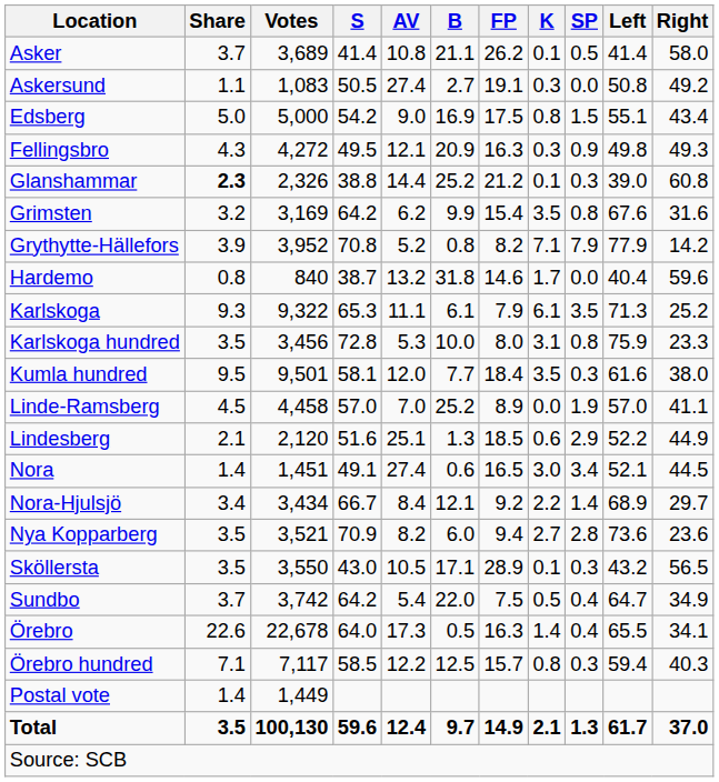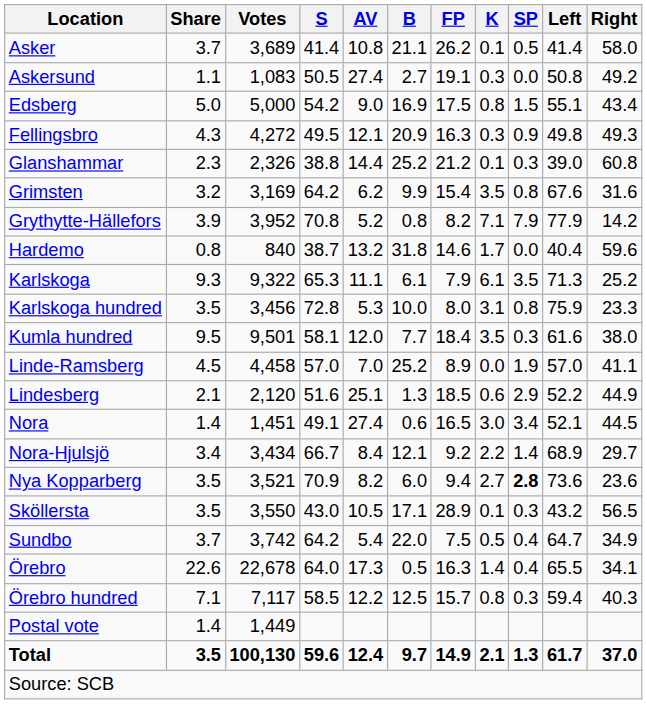 <table class="wikitable sortable" style=text-align:right>
 <tr>
 <th>Location</th>
 <th>Share</th>
 <th>Votes</th>
 <th><a href='#'>S</a></th>
 <th><a href='#'>AV</a></th>
 <th><a href='#'>B</a></th>
 <th><a href='#'>FP</a></th>
 <th><a href='#'>K</a></th>
 <th><a href='#'>SP</a></th>
 <th>Left</th>
 <th>Right</th>
 </tr>
 <tr>
 <td align=left><a href='#'>Asker</a></td>
 <td>3.7</td>
 <td>3,689</td>
 <td>41.4</td>
 <td>10.8</td>
 <td>21.1</td>
 <td>26.2</td>
 <td>0.1</td>
 <td>0.5</td>
 <td>41.4</td>
 <td>58.0</td>
 </tr>
 <tr>
 <td align=left><a href='#'>Askersund</a></td>
 <td>1.1</td>
 <td>1,083</td>
 <td>50.5</td>
 <td>27.4</td>
 <td>2.7</td>
 <td>19.1</td>
 <td>0.3</td>
 <td>0.0</td>
 <td>50.8</td>
 <td>49.2</td>
 </tr>
 <tr>
 <td align=left><a href='#'>Edsberg</a></td>
 <td>5.0</td>
 <td>5,000</td>
 <td>54.2</td>
 <td>9.0</td>
 <td>16.9</td>
 <td>17.5</td>
 <td>0.8</td>
 <td>1.5</td>
 <td>55.1</td>
 <td>43.4</td>
 </tr>
 <tr>
 <td align=left><a href='#'>Fellingsbro</a></td>
 <td>4.3</td>
 <td>4,272</td>
 <td>49.5</td>
 <td>12.1</td>
 <td>20.9</td>
 <td>16.3</td>
 <td>0.3</td>
 <td>0.9</td>
 <td>49.8</td>
 <td>49.3</td>
 </tr>
 <tr>
 <td align=left><a href='#'>Glanshammar</a></td>
-<td><strong>2.3</strong></td>
+<td>2.3</td>
 <td>2,326</td>
 <td>38.8</td>
 <td>14.4</td>
 <td>25.2</td>
 <td>21.2</td>
 <td>0.1</td>
 <td>0.3</td>
 <td>39.0</td>
 <td>60.8</td>
 </tr>
 <tr>
 <td align=left><a href='#'>Grimsten</a></td>
 <td>3.2</td>
 <td>3,169</td>
 <td>64.2</td>
 <td>6.2</td>
 <td>9.9</td>
 <td>15.4</td>
 <td>3.5</td>
 <td>0.8</td>
 <td>67.6</td>
 <td>31.6</td>
 </tr>
 <tr>
 <td align=left><a href='#'>Grythytte-Hällefors</a></td>
 <td>3.9</td>
 <td>3,952</td>
 <td>70.8</td>
 <td>5.2</td>
 <td>0.8</td>
 <td>8.2</td>
 <td>7.1</td>
 <td>7.9</td>
 <td>77.9</td>
 <td>14.2</td>
 </tr>
 <tr>
 <td align=left><a href='#'>Hardemo</a></td>
 <td>0.8</td>
 <td>840</td>
 <td>38.7</td>
 <td>13.2</td>
 <td>31.8</td>
 <td>14.6</td>
 <td>1.7</td>
 <td>0.0</td>
 <td>40.4</td>
 <td>59.6</td>
 </tr>
 <tr>
 <td align=left><a href='#'>Karlskoga</a></td>
 <td>9.3</td>
 <td>9,322</td>
 <td>65.3</td>
 <td>11.1</td>
 <td>6.1</td>
 <td>7.9</td>
 <td>6.1</td>
 <td>3.5</td>
 <td>71.3</td>
 <td>25.2</td>
 </tr>
 <tr>
 <td align=left><a href='#'>Karlskoga hundred</a></td>
 <td>3.5</td>
 <td>3,456</td>
 <td>72.8</td>
 <td>5.3</td>
 <td>10.0</td>
 <td>8.0</td>
 <td>3.1</td>
 <td>0.8</td>
 <td>75.9</td>
 <td>23.3</td>
 </tr>
 <tr>
 <td align=left><a href='#'>Kumla hundred</a></td>
 <td>9.5</td>
 <td>9,501</td>
 <td>58.1</td>
 <td>12.0</td>
 <td>7.7</td>
 <td>18.4</td>
 <td>3.5</td>
 <td>0.3</td>
 <td>61.6</td>
 <td>38.0</td>
 </tr>
 <tr>
 <td align=left><a href='#'>Linde-Ramsberg</a></td>
 <td>4.5</td>
 <td>4,458</td>
 <td>57.0</td>
 <td>7.0</td>
 <td>25.2</td>
 <td>8.9</td>
 <td>0.0</td>
 <td>1.9</td>
 <td>57.0</td>
 <td>41.1</td>
 </tr>
 <tr>
 <td align=left><a href='#'>Lindesberg</a></td>
 <td>2.1</td>
 <td>2,120</td>
 <td>51.6</td>
 <td>25.1</td>
 <td>1.3</td>
 <td>18.5</td>
 <td>0.6</td>
 <td>2.9</td>
 <td>52.2</td>
 <td>44.9</td>
 </tr>
 <tr>
 <td align=left><a href='#'>Nora</a></td>
 <td>1.4</td>
 <td>1,451</td>
 <td>49.1</td>
 <td>27.4</td>
 <td>0.6</td>
 <td>16.5</td>
 <td>3.0</td>
 <td>3.4</td>
 <td>52.1</td>
 <td>44.5</td>
 </tr>
 <tr>
 <td align=left><a href='#'>Nora-Hjulsjö</a></td>
 <td>3.4</td>
 <td>3,434</td>
 <td>66.7</td>
 <td>8.4</td>
 <td>12.1</td>
 <td>9.2</td>
 <td>2.2</td>
 <td>1.4</td>
 <td>68.9</td>
 <td>29.7</td>
 </tr>
 <tr>
 <td align=left><a href='#'>Nya Kopparberg</a></td>
 <td>3.5</td>
 <td>3,521</td>
 <td>70.9</td>
 <td>8.2</td>
 <td>6.0</td>
 <td>9.4</td>
 <td>2.7</td>
-<td>2.8</td>
+<td><strong>2.8</strong></td>
 <td>73.6</td>
 <td>23.6</td>
 </tr>
 <tr>
 <td align=left><a href='#'>Sköllersta</a></td>
 <td>3.5</td>
 <td>3,550</td>
 <td>43.0</td>
 <td>10.5</td>
 <td>17.1</td>
 <td>28.9</td>
 <td>0.1</td>
 <td>0.3</td>
 <td>43.2</td>
 <td>56.5</td>
 </tr>
 <tr>
 <td align=left><a href='#'>Sundbo</a></td>
 <td>3.7</td>
 <td>3,742</td>
 <td>64.2</td>
 <td>5.4</td>
 <td>22.0</td>
 <td>7.5</td>
 <td>0.5</td>
 <td>0.4</td>
 <td>64.7</td>
 <td>34.9</td>
 </tr>
 <tr>
 <td align=left><a href='#'>Örebro</a></td>
 <td>22.6</td>
 <td>22,678</td>
 <td>64.0</td>
 <td>17.3</td>
 <td>0.5</td>
 <td>16.3</td>
 <td>1.4</td>
 <td>0.4</td>
 <td>65.5</td>
 <td>34.1</td>
 </tr>
 <tr>
 <td align=left><a href='#'>Örebro hundred</a></td>
 <td>7.1</td>
 <td>7,117</td>
 <td>58.5</td>
 <td>12.2</td>
 <td>12.5</td>
 <td>15.7</td>
 <td>0.8</td>
 <td>0.3</td>
 <td>59.4</td>
 <td>40.3</td>
 </tr>
 <tr>
 <td align=left><a href='#'>Postal vote</a></td>
 <td>1.4</td>
 <td>1,449</td>
 <td></td>
 <td></td>
 <td></td>
 <td></td>
 <td></td>
 <td></td>
 <td></td>
 <td></td>
 </tr>
 <tr>
 <td align=left><strong>Total</strong></td>
 <td><strong>3.5</strong></td>
 <td><strong>100,130</strong></td>
 <td><strong>59.6</strong></td>
 <td><strong>12.4</strong></td>
 <td><strong>9.7</strong></td>
 <td><strong>14.9</strong></td>
 <td><strong>2.1</strong></td>
 <td><strong>1.3</strong></td>
 <td><strong>61.7</strong></td>
 <td><strong>37.0</strong></td>
 </tr>
 <tr>
 <td align=left colspan=11>Source: SCB </td>
 </tr>
 </table>
